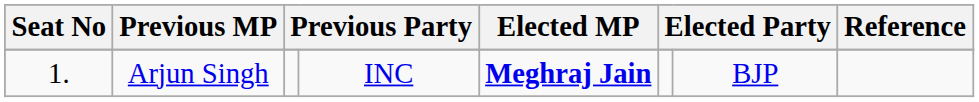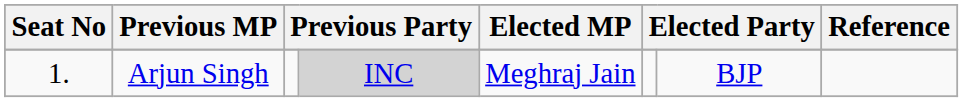 <table class="wikitable">
 <tr>
 <th>Seat No</th>
 <th>Previous MP</th>
 <th colspan=2>Previous Party</th>
 <th>Elected MP</th>
 <th colspan=2>Elected Party</th>
 <th>Reference</th>
 </tr>
 <tr>
 </tr>
 <tr style="text-align:center;">
 <td>1.</td>
 <td><a href='#'>Arjun Singh</a></td>
 <td width="1px"></td>
-<td><a href='#'>INC</a></td>
-<td><strong><a href='#'>Meghraj Jain</a></strong></td>
+<td style="background: lightgrey;"><a href='#'>INC</a></td>
+<td><a href='#'>Meghraj Jain</a></td>
 <td width="1px"></td>
 <td><a href='#'>BJP</a></td>
 <td></td>
 </tr>
 </table>
